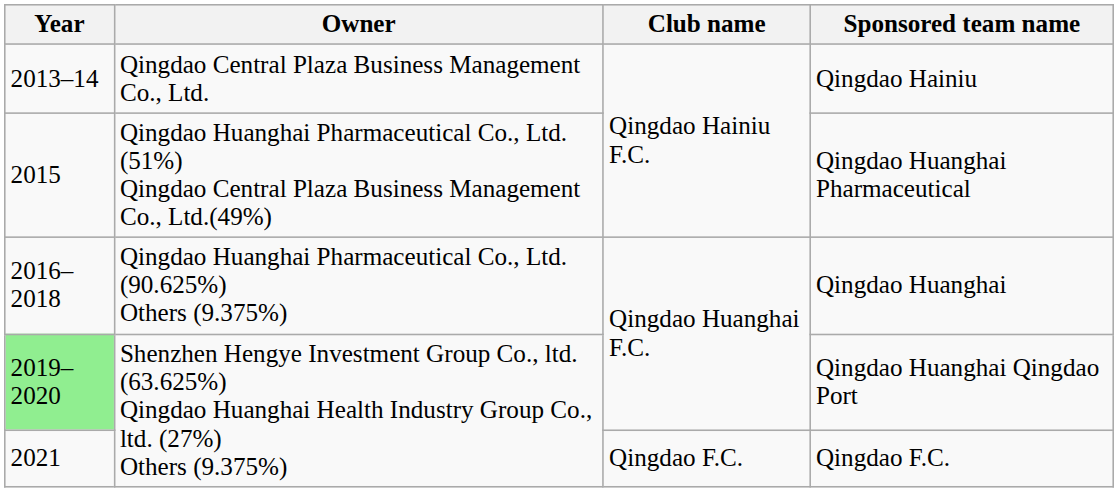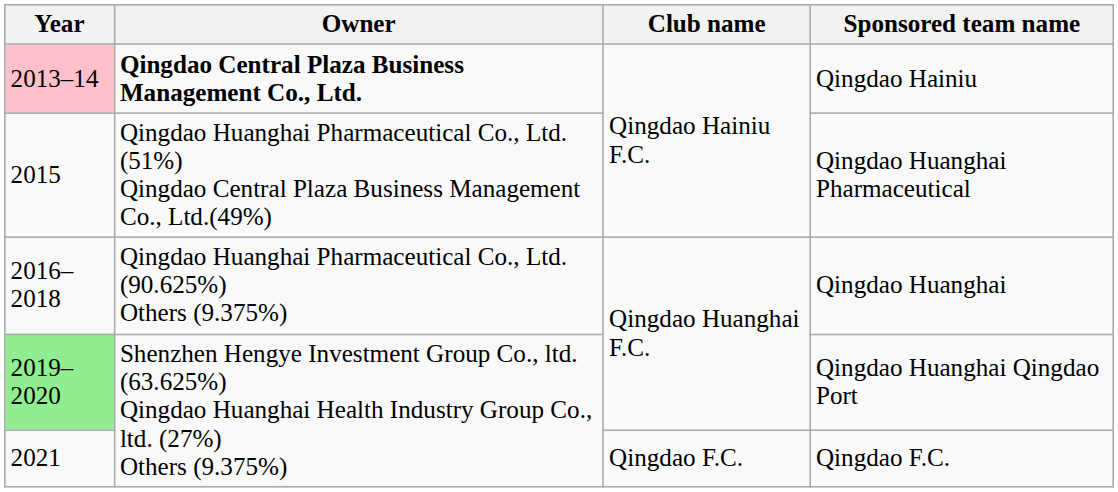 <table class="wikitable" border="1" width=80%>
 <tr>
 <th>Year</th>
 <th>Owner</th>
 <th>Club name</th>
 <th>Sponsored team name</th>
 </tr>
 <tr>
-<td>2013–14</td>
-<td>Qingdao Central Plaza Business Management Co., Ltd.</td>
+<td style="background: pink;">2013–14</td>
+<td><strong>Qingdao Central Plaza Business Management Co., Ltd.</strong></td>
 <td rowspan="2">Qingdao Hainiu F.C.</td>
 <td>Qingdao Hainiu</td>
 </tr>
 <tr>
 <td>2015</td>
 <td>Qingdao Huanghai Pharmaceutical Co., Ltd.(51%)<br> Qingdao Central Plaza Business Management Co., Ltd.(49%)</td>
 <td>Qingdao Huanghai Pharmaceutical</td>
 </tr>
 <tr>
 <td>2016–2018</td>
 <td>Qingdao Huanghai Pharmaceutical Co., Ltd. (90.625%) <br> Others (9.375%)</td>
 <td rowspan="2">Qingdao Huanghai F.C.</td>
 <td>Qingdao Huanghai</td>
 </tr>
 <tr>
 <td style="background: lightgreen;">2019–2020</td>
 <td rowspan="2">Shenzhen Hengye Investment Group Co., ltd. (63.625%) <br> Qingdao Huanghai Health Industry Group Co., ltd. (27%) <br> Others (9.375%)</td>
 <td>Qingdao Huanghai Qingdao Port</td>
 </tr>
 <tr>
 <td>2021</td>
 <td>Qingdao F.C.</td>
 <td>Qingdao F.C.</td>
 </tr>
 </table>
